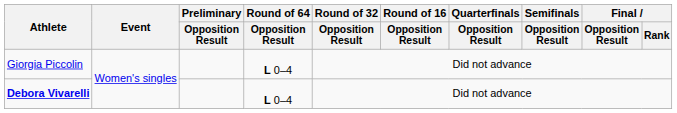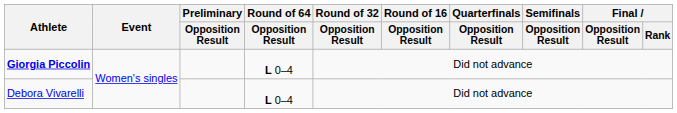 <table class=wikitable style=font-size:90%;text-align:center>
 <tr>
 <th rowspan=2>Athlete</th>
 <th rowspan=2>Event</th>
 <th>Preliminary</th>
 <th>Round of 64</th>
 <th>Round of 32</th>
 <th>Round of 16</th>
 <th>Quarterfinals</th>
 <th>Semifinals</th>
 <th colspan=2>Final / </th>
 </tr>
 <tr style=font-size:95%>
 <th>Opposition<br>Result</th>
 <th>Opposition<br>Result</th>
 <th>Opposition<br>Result</th>
 <th>Opposition<br>Result</th>
 <th>Opposition<br>Result</th>
 <th>Opposition<br>Result</th>
 <th>Opposition<br>Result</th>
 <th>Rank</th>
 </tr>
 <tr>
-<td align=left><a href='#'>Giorgia Piccolin</a></td>
+<td align=left><strong><a href='#'>Giorgia Piccolin</a></strong></td>
 <td align=left rowspan=2><a href='#'>Women's singles</a></td>
 <td></td>
 <td><br><strong>L</strong> 0–4</td>
 <td colspan=6>Did not advance</td>
 </tr>
 <tr>
-<td align=left><strong><a href='#'>Debora Vivarelli</a></strong></td>
+<td align=left><a href='#'>Debora Vivarelli</a></td>
 <td></td>
 <td><br><strong>L</strong> 0–4</td>
 <td colspan=6>Did not advance</td>
 </tr>
 </table>
